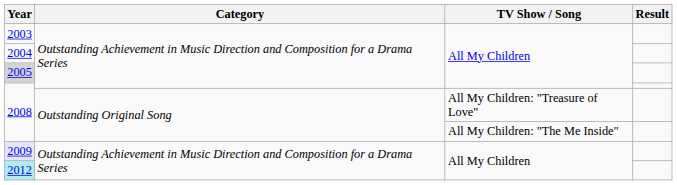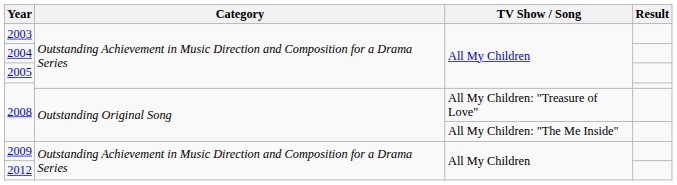 <table class=wikitable>
 <tr>
 <th>Year</th>
 <th>Category</th>
 <th>TV Show / Song</th>
 <th>Result</th>
 </tr>
 <tr>
 <td><a href='#'>2003</a></td>
 <td rowspan=4><em>Outstanding Achievement in Music Direction and Composition for a Drama Series</em></td>
 <td rowspan=4><a href='#'>All My Children</a></td>
 <td></td>
 </tr>
 <tr>
 <td><a href='#'>2004</a></td>
 <td></td>
 </tr>
 <tr>
-<td style="background: lightgrey;"><a href='#'>2005</a></td>
+<td><a href='#'>2005</a></td>
 <td></td>
 </tr>
 <tr>
 <td rowspan=3><a href='#'>2008</a></td>
 <td></td>
 </tr>
 <tr>
 <td rowspan=2><em>Outstanding Original Song</em></td>
 <td>All My Children: "Treasure of Love"</td>
 <td></td>
 </tr>
 <tr>
 <td>All My Children: "The Me Inside"</td>
 <td></td>
 </tr>
 <tr>
-<td style="background: lavender;"><a href='#'>2009</a></td>
+<td><a href='#'>2009</a></td>
 <td rowspan=2><em>Outstanding Achievement in Music Direction and Composition for a Drama Series</em></td>
 <td rowspan=2>All My Children</td>
 <td></td>
 </tr>
 <tr>
-<td style="background: paleturquoise;"><a href='#'>2012</a></td>
+<td><a href='#'>2012</a></td>
 <td></td>
 </tr>
 </table>
